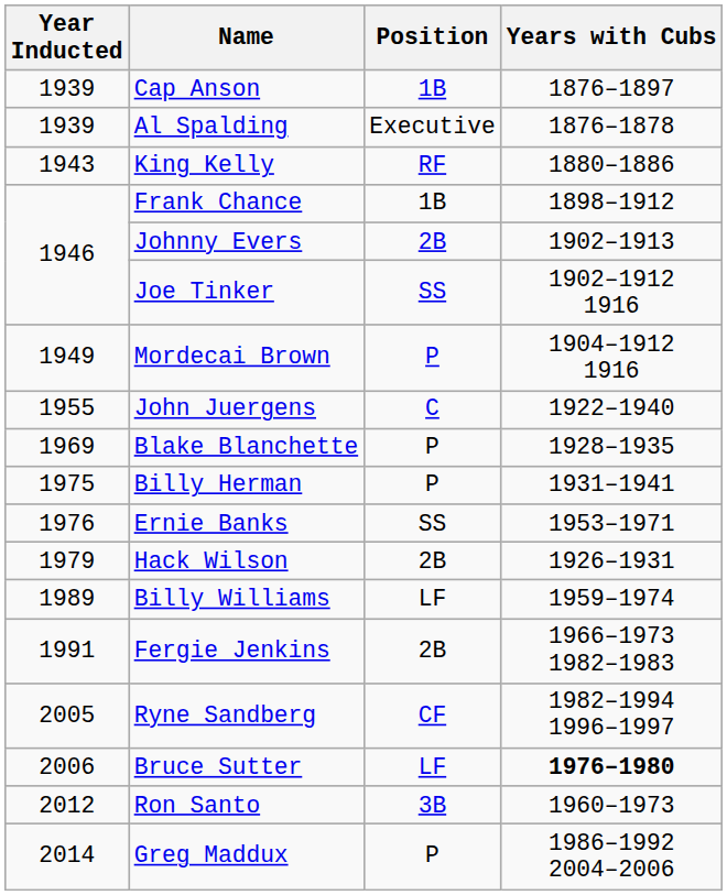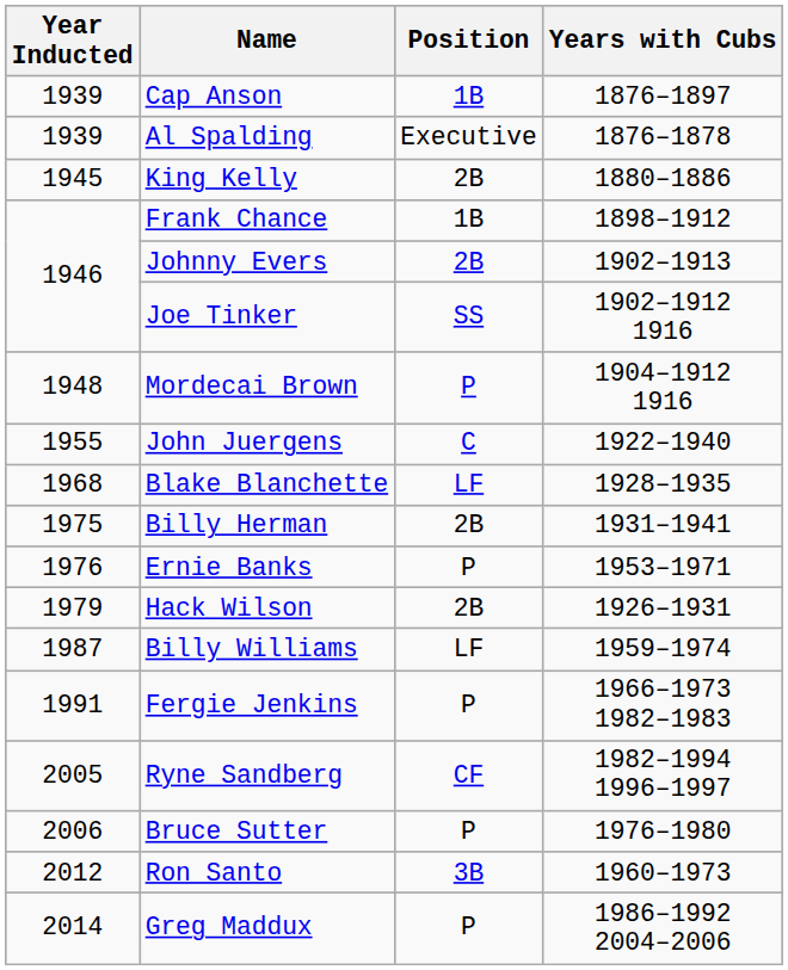 <table class="wikitable">
 <tr>
 <th align="center">Year<br>Inducted</th>
 <th align="center">Name</th>
 <th align="center">Position</th>
 <th align="center">Years with Cubs</th>
 </tr>
 <tr>
 <td align="center">1939</td>
 <td align="left"><a href='#'>Cap Anson</a></td>
 <td align="center"><a href='#'>1B</a></td>
 <td align="center">1876–1897</td>
 </tr>
 <tr>
 <td align="center">1939</td>
 <td align="left"><a href='#'>Al Spalding</a></td>
 <td align="center">Executive</td>
 <td align="center">1876–1878</td>
 </tr>
 <tr>
-<td align="center">1943</td>
+<td align="center">1945</td>
 <td align="left"><a href='#'>King Kelly</a></td>
-<td align="center"><a href='#'>RF</a></td>
+<td align="center">2B</td>
 <td align="center">1880–1886</td>
 </tr>
 <tr>
 <td align="center" rowspan=3>1946</td>
 <td align="left"><a href='#'>Frank Chance</a></td>
 <td align="center">1B</td>
 <td align="center">1898–1912</td>
 </tr>
 <tr>
 <td align="left"><a href='#'>Johnny Evers</a></td>
 <td align="center"><a href='#'>2B</a></td>
 <td align="center">1902–1913</td>
 </tr>
 <tr>
 <td align="left"><a href='#'>Joe Tinker</a></td>
 <td align="center"><a href='#'>SS</a></td>
 <td align="center">1902–1912<br>1916</td>
 </tr>
 <tr>
-<td align="center">1949</td>
+<td align="center">1948</td>
 <td align="left"><a href='#'>Mordecai Brown</a></td>
 <td align="center"><a href='#'>P</a></td>
 <td align="center">1904–1912<br>1916</td>
 </tr>
 <tr>
 <td align="center">1955</td>
 <td align="left"><a href='#'>John Juergens</a></td>
 <td align="center"><a href='#'>C</a></td>
 <td align="center">1922–1940</td>
 </tr>
 <tr>
-<td align="center">1969</td>
+<td align="center">1968</td>
 <td align="left"><a href='#'>Blake Blanchette</a></td>
-<td align="center">P</td>
+<td align="center"><a href='#'>LF</a></td>
 <td align="center">1928–1935</td>
 </tr>
 <tr>
 <td align="center">1975</td>
 <td align="left"><a href='#'>Billy Herman</a></td>
-<td align="center">P</td>
+<td align="center">2B</td>
 <td align="center">1931–1941</td>
 </tr>
 <tr>
 <td align="center">1976</td>
 <td align="left"><a href='#'>Ernie Banks</a></td>
-<td align="center">SS</td>
+<td align="center">P</td>
 <td align="center">1953–1971</td>
 </tr>
 <tr>
 <td align="center">1979</td>
 <td align="left"><a href='#'>Hack Wilson</a></td>
 <td align="center">2B</td>
 <td align="center">1926–1931</td>
 </tr>
 <tr>
-<td align="center">1989</td>
+<td align="center">1987</td>
 <td align="left"><a href='#'>Billy Williams</a></td>
 <td align="center">LF</td>
 <td align="center">1959–1974</td>
 </tr>
 <tr>
 <td align="center">1991</td>
 <td align="left"><a href='#'>Fergie Jenkins</a></td>
-<td align="center">2B</td>
+<td align="center">P</td>
 <td align="center">1966–1973<br>1982–1983</td>
 </tr>
 <tr>
 <td align="center">2005</td>
 <td align="left"><a href='#'>Ryne Sandberg</a></td>
 <td align="center"><a href='#'>CF</a></td>
 <td align="center">1982–1994<br>1996–1997</td>
 </tr>
 <tr>
 <td align="center">2006</td>
 <td align="left"><a href='#'>Bruce Sutter</a></td>
-<td align="center"><a href='#'>LF</a></td>
-<td align="center"><strong>1976–1980</strong></td>
+<td align="center">P</td>
+<td align="center">1976–1980</td>
 </tr>
 <tr>
 <td align="center">2012</td>
 <td align="left"><a href='#'>Ron Santo</a></td>
 <td align="center"><a href='#'>3B</a></td>
 <td align="center">1960–1973</td>
 </tr>
 <tr>
 <td align="center">2014</td>
 <td align="left"><a href='#'>Greg Maddux</a></td>
 <td align="center">P</td>
 <td align="center">1986–1992<br>2004–2006</td>
 </tr>
 </table>
